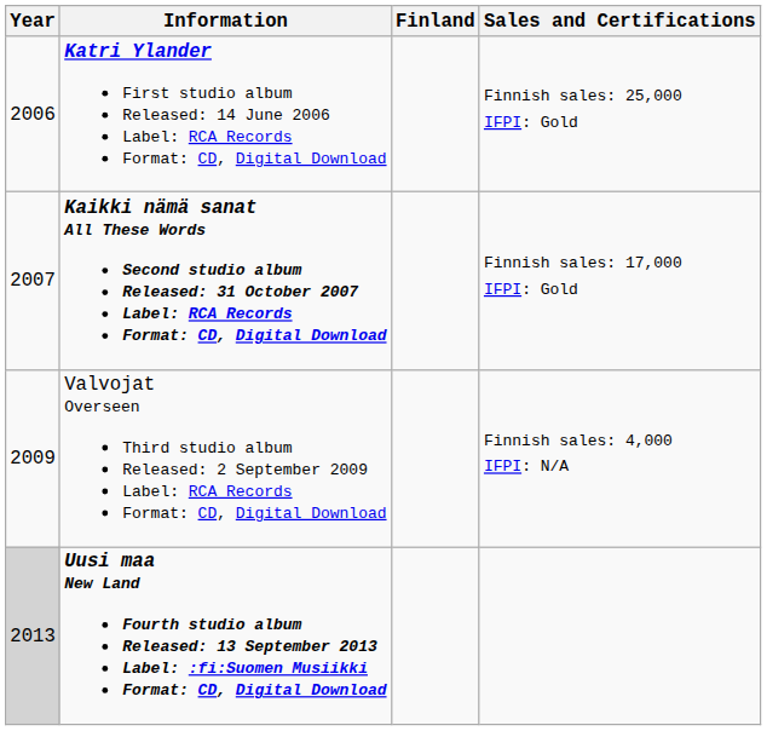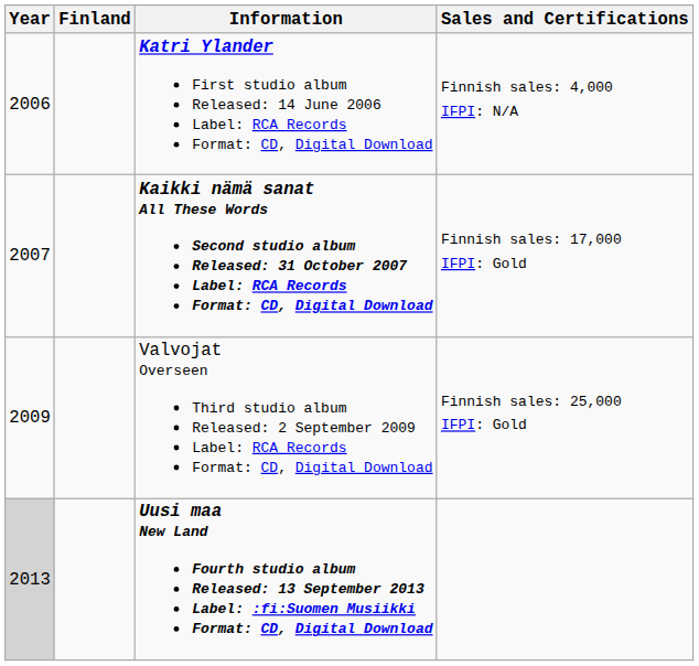 <table class="wikitable">
 <tr>
 <th>Year</th>
+<th>Finland</th>
 <th>Information</th>
-<th>Finland</th>
 <th>Sales and Certifications</th>
 </tr>
 <tr>
 <td>2006</td>
+<td></td>
 <td><strong><em><a href='#'>Katri Ylander</a></em></strong><br><ul><li><small>First studio album</small></li><li><small>Released: 14 June 2006</small></li><li><small>Label: <a href='#'>RCA Records</a></small></li><li><small>Format: <a href='#'>CD</a>, <a href='#'>Digital Download</a></small></li></ul></td>
-<td></td>
-<td><sup>Finnish sales: 25,000 <br><a href='#'>IFPI</a>: Gold</sup></td>
+<td><sup>Finnish sales: 4,000 <br><a href='#'>IFPI</a>: N/A</sup></td>
 </tr>
 <tr>
 <td>2007</td>
+<td></td>
 <td><strong><em>Kaikki nämä sanat<strong><br><small>All These Words</small><em><br><ul><li><small>Second studio album</small></li><li><small>Released: 31 October 2007</small></li><li><small>Label: <a href='#'>RCA Records</a></small></li><li><small>Format: <a href='#'>CD</a>, <a href='#'>Digital Download</a></small></li></ul></td>
-<td></td>
 <td><sup>Finnish sales: 17,000 <br><a href='#'>IFPI</a>: Gold</sup></td>
 </tr>
 <tr>
 <td>2009</td>
+<td></td>
 <td></em></strong>Valvojat</strong><br><small>Overseen</small></em><br><ul><li><small>Third studio album</small></li><li><small>Released: 2 September 2009</small></li><li><small>Label: <a href='#'>RCA Records</a></small></li><li><small>Format: <a href='#'>CD</a>, <a href='#'>Digital Download</a></small></li></ul></td>
-<td></td>
-<td><sup>Finnish sales: 4,000 <br><a href='#'>IFPI</a>: N/A</sup></td>
+<td><sup>Finnish sales: 25,000 <br><a href='#'>IFPI</a>: Gold</sup></td>
 </tr>
 <tr>
 <td style="background: lightgrey;">2013</td>
+<td></td>
 <td><strong><em>Uusi maa<strong><br><small>New Land</small><em><br><ul><li><small>Fourth studio album</small></li><li><small>Released: 13 September 2013</small></li><li><small>Label: <a href='#'>:fi:Suomen Musiikki</a></small></li><li><small>Format: <a href='#'>CD</a>, <a href='#'>Digital Download</a></small></li></ul></td>
-<td></td>
 <td></td>
 </tr>
 </table>
